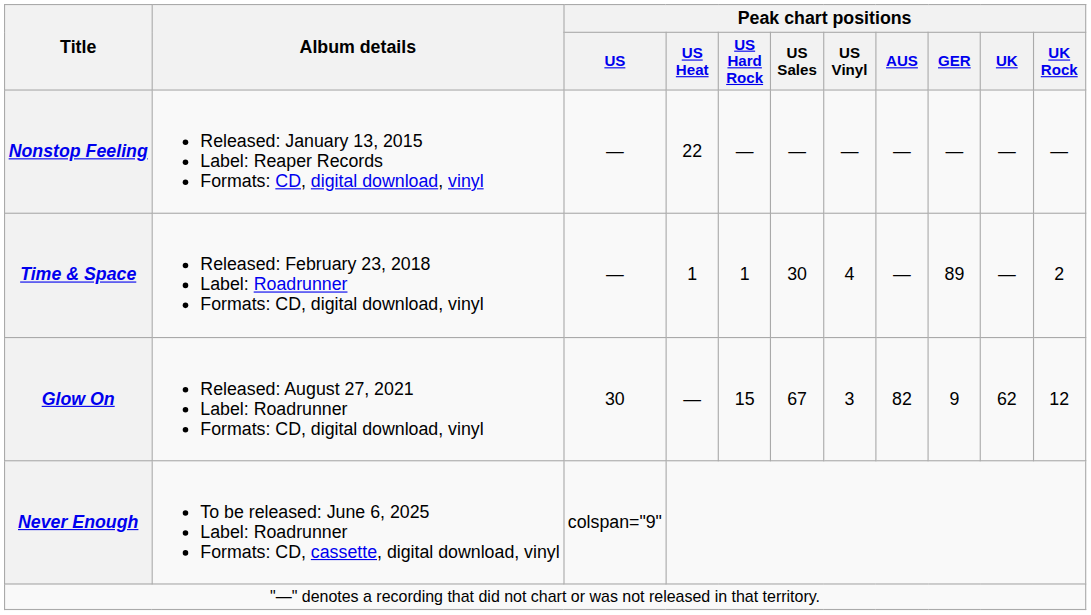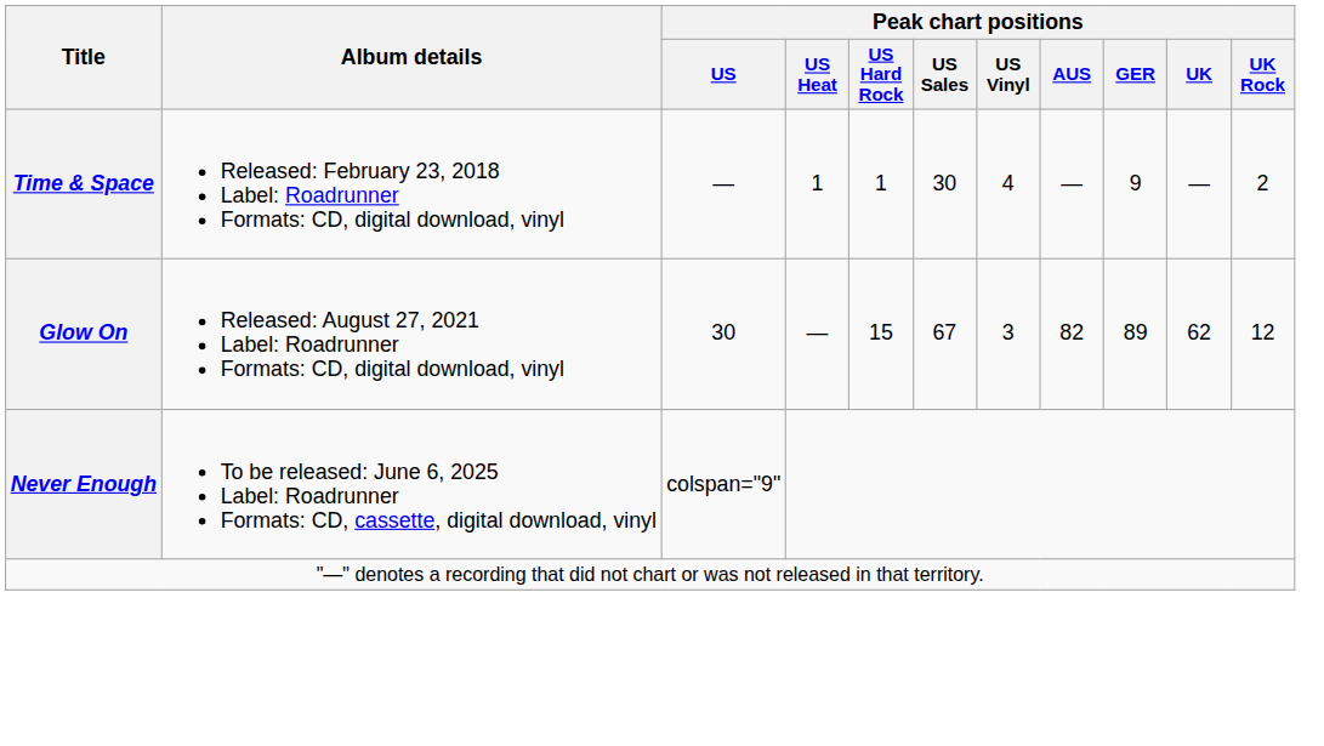 <table class="wikitable plainrowheaders">
 <tr>
 <th scope="col" rowspan="2">Title</th>
 <th scope="col" rowspan="2">Album details</th>
 <th scope="col" colspan="9">Peak chart positions</th>
 </tr>
 <tr>
 <th scope="col" style="width:3em;font-size:85%;"><a href='#'>US</a><br></th>
 <th scope="col" style="width:3em;font-size:85%;"><a href='#'>US<br>Heat</a><br></th>
 <th scope="col" style="width:3em;font-size:85%;"><a href='#'>US<br>Hard<br>Rock</a><br></th>
 <th scope="col" style="width:3em;font-size:85%;">US<br>Sales<br></th>
 <th scope="col" style="width:3em;font-size:85%;">US<br>Vinyl<br></th>
 <th scope="col" style="width:3em;font-size:85%;"><a href='#'>AUS</a><br></th>
 <th scope="col" style="width:3em;font-size:85%;"><a href='#'>GER</a><br></th>
 <th scope="col" style="width:3em;font-size:85%;"><a href='#'>UK</a><br></th>
 <th scope="col" style="width:3em;font-size:85%;"><a href='#'>UK<br>Rock</a><br></th>
 </tr>
 <tr>
-<th scope="row"><em><a href='#'>Nonstop Feeling</a></em></th>
-<td><br><ul><li>Released: January 13, 2015</li><li>Label: Reaper Records</li><li>Formats: <a href='#'>CD</a>, <a href='#'>digital download</a>, <a href='#'>vinyl</a></li></ul></td>
-<td style="text-align:center;">—</td>
-<td style="text-align:center;">22</td>
-<td style="text-align:center;">—</td>
-<td style="text-align:center;">—</td>
-<td style="text-align:center;">—</td>
-<td style="text-align:center;">—</td>
-<td style="text-align:center;">—</td>
-<td style="text-align:center;">—</td>
-<td style="text-align:center;">—</td>
-</tr>
-<tr>
 <th scope="row"><em><a href='#'>Time & Space</a></em></th>
 <td><br><ul><li>Released: February 23, 2018</li><li>Label: <a href='#'>Roadrunner</a></li><li>Formats: CD, digital download, vinyl</li></ul></td>
 <td style="text-align:center;">—</td>
 <td style="text-align:center;">1</td>
 <td style="text-align:center;">1</td>
 <td style="text-align:center;">30</td>
 <td style="text-align:center;">4</td>
 <td style="text-align:center;">—</td>
-<td style="text-align:center;">89</td>
+<td style="text-align:center;">9</td>
 <td style="text-align:center;">—</td>
 <td style="text-align:center;">2</td>
 </tr>
 <tr>
 <th scope="row"><em><a href='#'>Glow On</a></em></th>
 <td><br><ul><li>Released: August 27, 2021</li><li>Label: Roadrunner</li><li>Formats: CD, digital download, vinyl</li></ul></td>
 <td style="text-align:center;">30</td>
 <td style="text-align:center;">—</td>
 <td style="text-align:center;">15</td>
 <td style="text-align:center;">67</td>
 <td style="text-align:center;">3</td>
 <td style="text-align:center;">82</td>
-<td style="text-align:center;">9</td>
+<td style="text-align:center;">89</td>
 <td style="text-align:center;">62</td>
 <td style="text-align:center;">12</td>
 </tr>
 <tr>
 <th scope="row"><em><a href='#'>Never Enough</a></em></th>
 <td><br><ul><li>To be released: June 6, 2025</li><li>Label: Roadrunner</li><li>Formats: CD, <a href='#'>cassette</a>, digital download, vinyl</li></ul></td>
 <td>colspan="9" </td>
 </tr>
 <tr>
 <td align="center" colspan="11" style="font-size:90%">"—" denotes a recording that did not chart or was not released in that territory.</td>
 </tr>
 </table>
